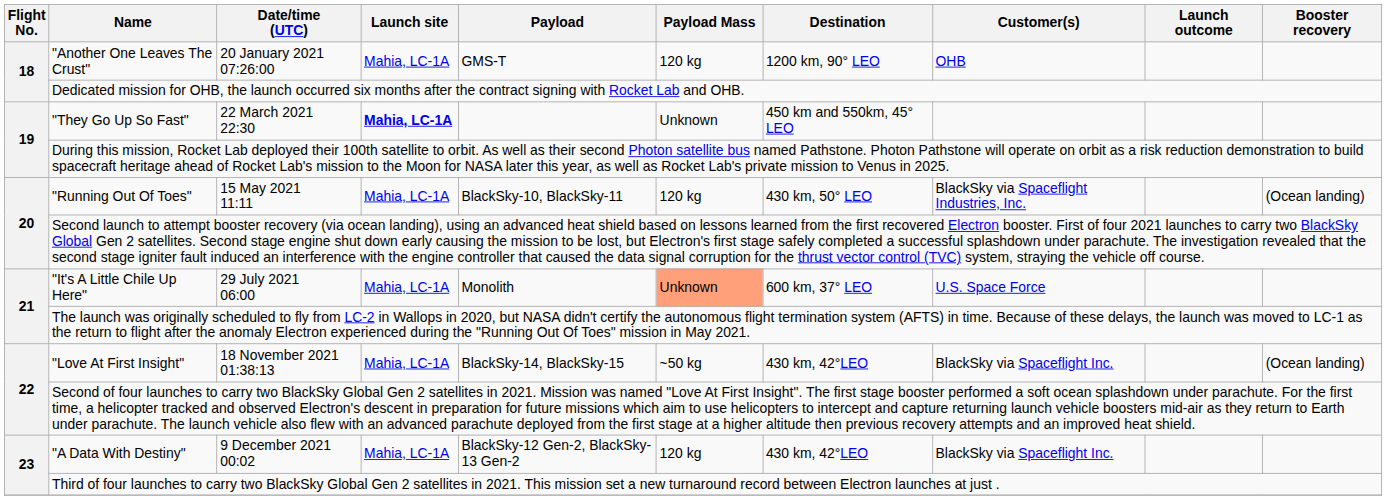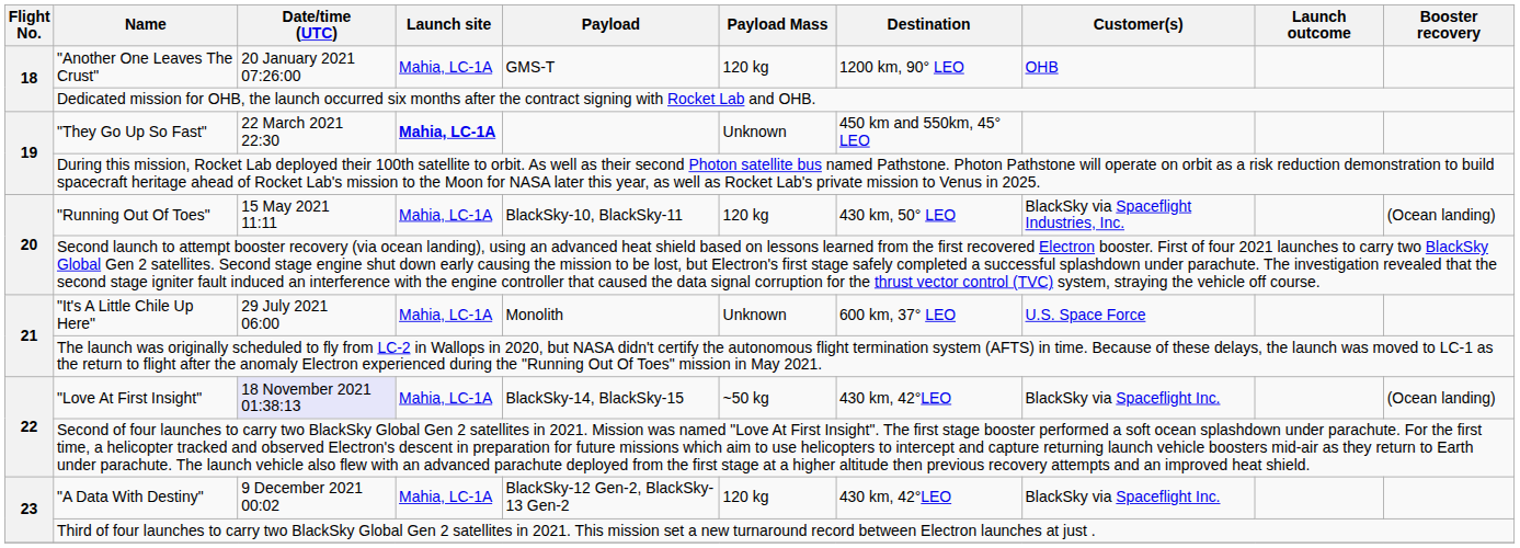 <table class="wikitable" style="width: 100%">
 <tr>
 <th>Flight<br>No.</th>
 <th>Name</th>
 <th>Date/time<br>(<a href='#'>UTC</a>)</th>
 <th>Launch site</th>
 <th>Payload</th>
 <th>Payload Mass</th>
 <th>Destination</th>
 <th>Customer(s)</th>
 <th>Launch outcome</th>
 <th>Booster recovery</th>
 </tr>
 <tr>
 <th rowspan="2">18</th>
 <td>"Another One Leaves The Crust"</td>
 <td>20 January 2021<br>07:26:00</td>
 <td><a href='#'>Mahia, LC-1A</a></td>
 <td>GMS-T</td>
 <td>120 kg</td>
 <td>1200 km, 90° <a href='#'>LEO</a></td>
 <td><a href='#'>OHB</a></td>
 <td></td>
 <td></td>
 </tr>
 <tr>
 <td colspan="9">Dedicated mission for OHB, the launch occurred six months after the contract signing with <a href='#'>Rocket Lab</a> and OHB.</td>
 </tr>
 <tr>
 <th rowspan="2">19</th>
 <td>"They Go Up So Fast"</td>
 <td>22 March 2021<br>22:30</td>
 <td><strong><a href='#'>Mahia, LC-1A</a></strong></td>
 <td></td>
 <td>Unknown</td>
 <td>450 km and 550km, 45° <a href='#'>LEO</a></td>
 <td></td>
 <td></td>
 <td></td>
 </tr>
 <tr>
 <td colspan="9">During this mission, Rocket Lab deployed their 100th satellite to orbit. As well as their second <a href='#'>Photon satellite bus</a> named Pathstone. Photon Pathstone will operate on orbit as a risk reduction demonstration to build spacecraft heritage ahead of Rocket Lab's mission to the Moon for NASA later this year, as well as Rocket Lab's private mission to Venus in 2025.</td>
 </tr>
 <tr>
 <th rowspan="2">20</th>
 <td>"Running Out Of Toes"</td>
 <td>15 May 2021<br>11:11</td>
 <td><a href='#'>Mahia, LC-1A</a></td>
 <td>BlackSky-10, BlackSky-11</td>
 <td>120 kg</td>
 <td>430 km, 50° <a href='#'>LEO</a></td>
 <td>BlackSky via <a href='#'>Spaceflight Industries, Inc.</a></td>
 <td></td>
 <td> (Ocean landing)</td>
 </tr>
 <tr>
 <td colspan="9">Second launch to attempt booster recovery (via ocean landing), using an advanced heat shield based on lessons learned from the first recovered <a href='#'>Electron</a> booster. First of four 2021 launches to carry two <a href='#'>BlackSky Global</a> Gen 2 satellites. Second stage engine shut down early causing the mission to be lost, but Electron's first stage safely completed a successful splashdown under parachute. The investigation revealed that the second stage igniter fault induced an interference with the engine controller that caused the data signal corruption for the <a href='#'>thrust vector control (TVC)</a> system, straying the vehicle off course.</td>
 </tr>
 <tr>
 <th rowspan="2">21</th>
 <td>"It's A Little Chile Up Here"</td>
 <td>29 July 2021<br>06:00</td>
 <td><a href='#'>Mahia, LC-1A</a></td>
 <td>Monolith</td>
-<td style="background: lightsalmon;">Unknown</td>
+<td>Unknown</td>
 <td>600 km, 37° <a href='#'>LEO</a></td>
 <td><a href='#'>U.S. Space Force</a></td>
 <td></td>
 <td></td>
 </tr>
 <tr>
 <td colspan="9">The launch was originally scheduled to fly from <a href='#'>LC-2</a> in Wallops in 2020, but NASA didn't certify the autonomous flight termination system (AFTS) in time. Because of these delays, the launch was moved to LC-1 as the return to flight after the anomaly Electron experienced during the "Running Out Of Toes" mission in May 2021.</td>
 </tr>
 <tr>
 <th rowspan="2">22</th>
 <td>"Love At First Insight"</td>
-<td>18 November 2021<br>01:38:13</td>
+<td style="background: lavender;">18 November 2021<br>01:38:13</td>
 <td><a href='#'>Mahia, LC-1A</a></td>
 <td>BlackSky-14, BlackSky-15</td>
 <td>~50 kg</td>
 <td>430 km, 42°<a href='#'>LEO</a></td>
 <td>BlackSky via <a href='#'>Spaceflight Inc.</a></td>
 <td></td>
 <td> (Ocean landing)</td>
 </tr>
 <tr>
 <td colspan="9">Second of four launches to carry two BlackSky Global Gen 2 satellites in 2021. Mission was named "Love At First Insight". The first stage booster performed a soft ocean splashdown under parachute. For the first time, a helicopter tracked and observed Electron's descent in preparation for future missions which aim to use helicopters to intercept and capture returning launch vehicle boosters mid-air as they return to Earth under parachute. The launch vehicle also flew with an advanced parachute deployed from the first stage at a higher altitude then previous recovery attempts and an improved heat shield.</td>
 </tr>
 <tr>
 <th rowspan="2">23</th>
 <td>"A Data With Destiny"</td>
 <td>9 December 2021 00:02</td>
 <td><a href='#'>Mahia, LC-1A</a></td>
 <td>BlackSky-12 Gen-2, BlackSky-13 Gen-2</td>
 <td>120 kg</td>
 <td>430 km, 42°<a href='#'>LEO</a></td>
 <td>BlackSky via <a href='#'>Spaceflight Inc.</a></td>
 <td></td>
 <td></td>
 </tr>
 <tr>
 <td colspan="9">Third of four launches to carry two BlackSky Global Gen 2 satellites in 2021. This mission set a new turnaround record between Electron launches at just .</td>
 </tr>
 <tr>
 </tr>
 </table>
